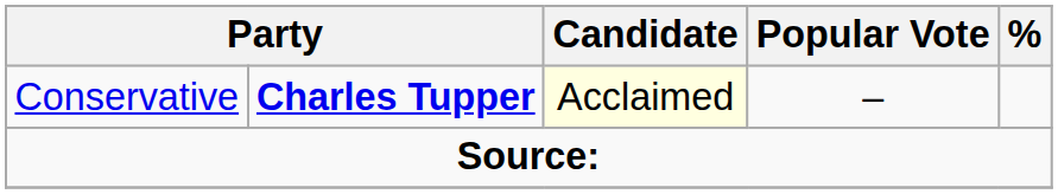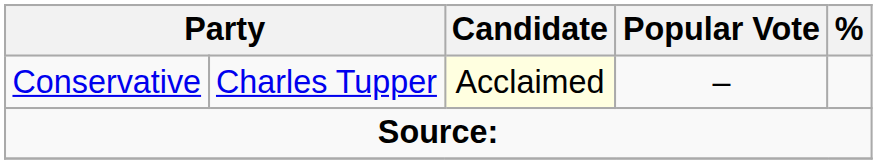 <table class="wikitable">
 <tr>
 <th colspan="2">Party</th>
 <th>Candidate</th>
 <th>Popular Vote</th>
 <th>%</th>
 </tr>
 <tr>
 <td><a href='#'>Conservative</a></td>
-<td><strong> <a href='#'>Charles Tupper</a></strong></td>
+<td> <a href='#'>Charles Tupper</a></td>
 <td align=center style="background: lightyellow;">Acclaimed</td>
 <td align=center>–</td>
 </tr>
 <tr>
 <td align="center" colspan=5><strong>Source:</strong> </td>
 </tr>
 <tr>
 </tr>
 </table>
